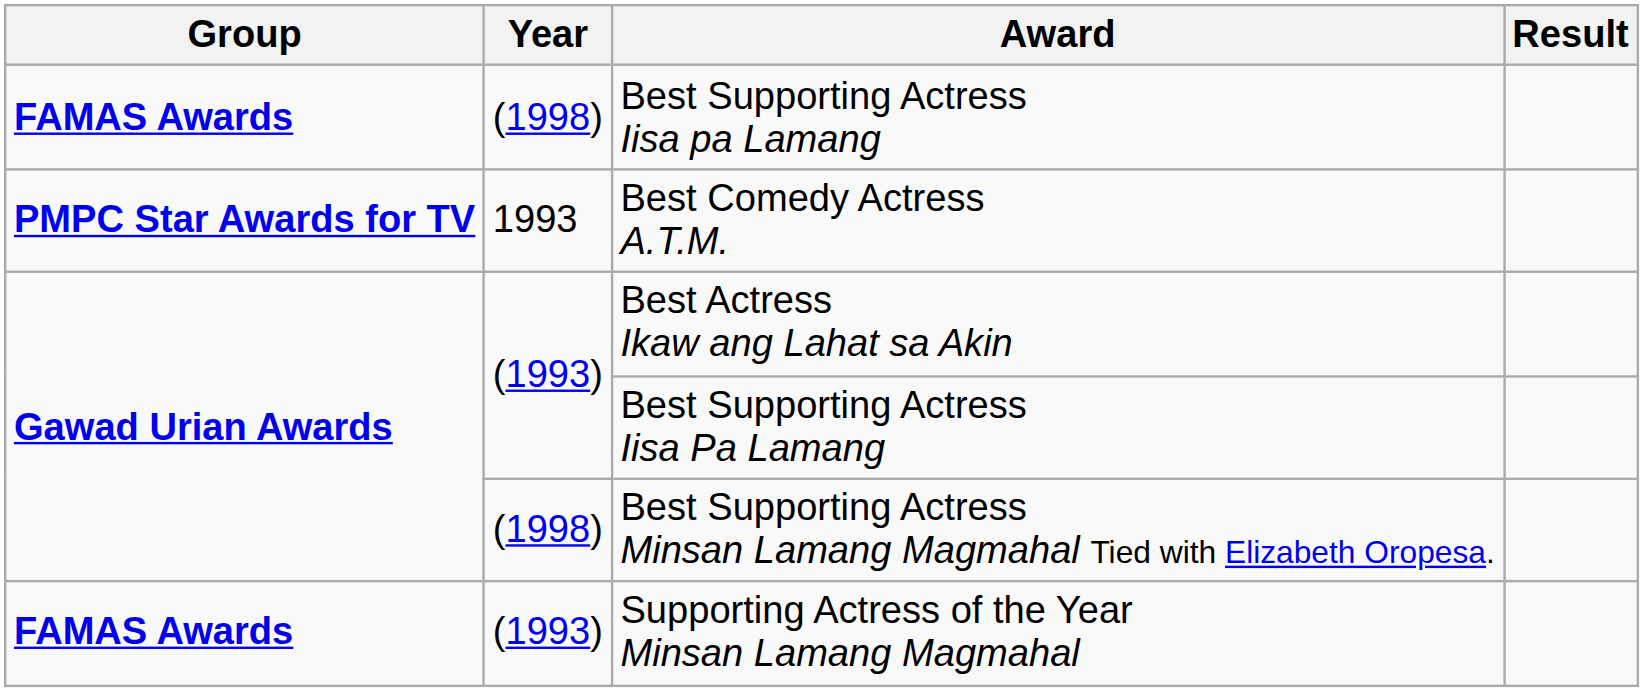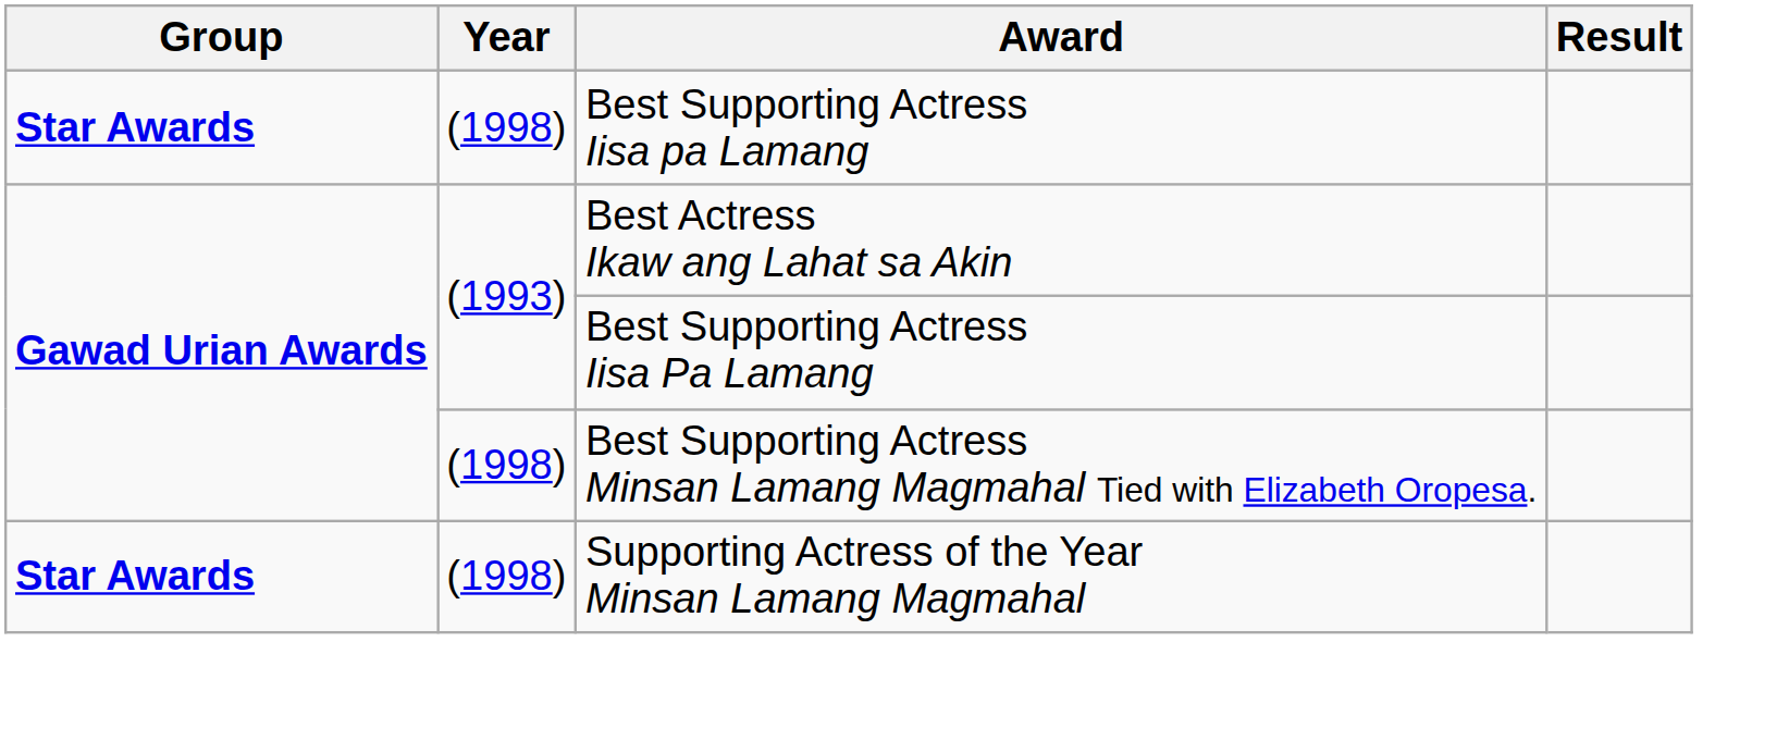 <table class="wikitable">
 <tr>
 <th>Group</th>
 <th>Year</th>
 <th>Award</th>
 <th>Result</th>
 </tr>
 <tr>
-<td><strong><a href='#'>FAMAS Awards</a></strong></td>
+<td><strong><a href='#'>Star Awards</a></strong></td>
 <td>(<a href='#'>1998</a>)</td>
 <td>Best Supporting Actress<br><em>Iisa pa Lamang</em></td>
-<td></td>
-</tr>
-<tr>
-<td><strong><a href='#'>PMPC Star Awards for TV</a></strong></td>
-<td>1993</td>
-<td>Best Comedy Actress<br><em>A.T.M.</em></td>
 <td></td>
 </tr>
 <tr>
 <td rowspan=3><strong><a href='#'>Gawad Urian Awards</a></strong></td>
 <td rowspan=2>(<a href='#'>1993</a>)</td>
 <td>Best Actress<br><em>Ikaw ang Lahat sa Akin</em></td>
 <td></td>
 </tr>
 <tr>
 <td>Best Supporting Actress<br><em>Iisa Pa Lamang</em></td>
 <td></td>
 </tr>
 <tr>
 <td>(<a href='#'>1998</a>)</td>
 <td>Best Supporting Actress<br><em>Minsan Lamang Magmahal</em> <small>Tied with <a href='#'>Elizabeth Oropesa</a>.</small></td>
 <td></td>
 </tr>
 <tr>
-<td><strong><a href='#'>FAMAS Awards</a></strong></td>
-<td>(<a href='#'>1993</a>)</td>
+<td><strong><a href='#'>Star Awards</a></strong></td>
+<td>(<a href='#'>1998</a>)</td>
 <td>Supporting Actress of the Year<br><em>Minsan Lamang Magmahal</em></td>
 <td></td>
 </tr>
 </table>
